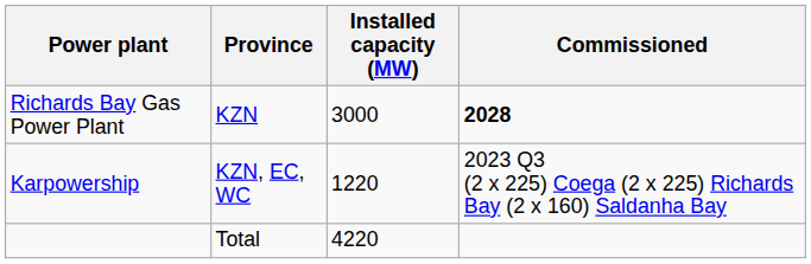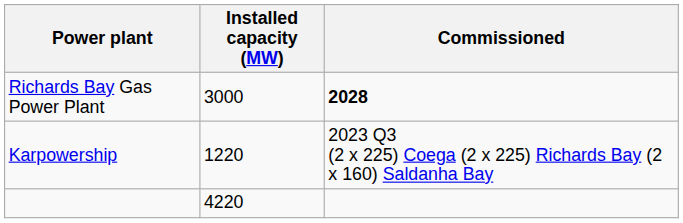 <table class="wikitable">
 <tr>
 <th>Power plant</th>
-<th>Province</th>
 <th>Installed capacity<br>(<a href='#'>MW</a>)</th>
 <th>Commissioned</th>
 </tr>
 <tr>
 <td><a href='#'>Richards Bay</a> Gas Power Plant</td>
-<td><a href='#'>KZN</a></td>
 <td>3000</td>
 <td><strong>2028</strong></td>
 </tr>
 <tr>
 <td><a href='#'>Karpowership</a></td>
-<td><a href='#'>KZN</a>, <a href='#'>EC</a>, <a href='#'>WC</a></td>
 <td>1220</td>
 <td>2023 Q3<br>(2 x 225) <a href='#'>Coega</a> (2 x 225)  <a href='#'>Richards Bay</a> (2 x 160) <a href='#'>Saldanha Bay</a></td>
 </tr>
 <tr>
 <td></td>
-<td>Total</td>
 <td>4220</td>
 <td></td>
 </tr>
 </table>
